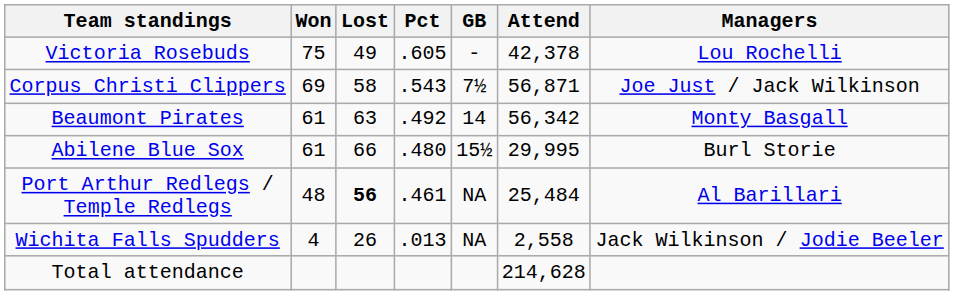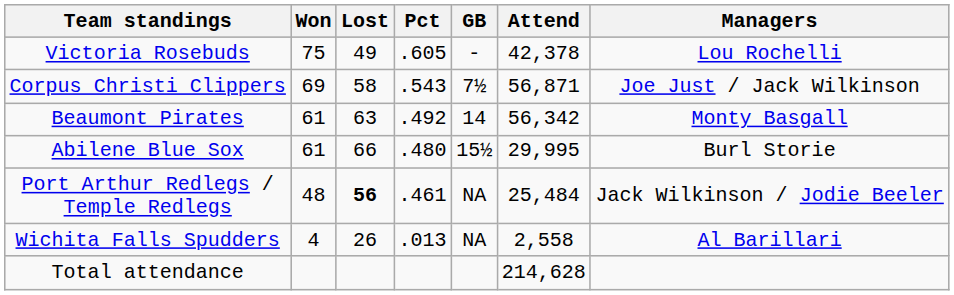 <table class="wikitable" style="text-align:center">
 <tr>
 <th>Team standings</th>
 <th>Won</th>
 <th>Lost</th>
 <th>Pct</th>
 <th>GB</th>
 <th>Attend</th>
 <th>Managers</th>
 </tr>
 <tr>
 <td><a href='#'>Victoria Rosebuds</a></td>
 <td>75</td>
 <td>49</td>
 <td>.605</td>
 <td>-</td>
 <td>42,378</td>
 <td><a href='#'>Lou Rochelli</a></td>
 </tr>
 <tr>
 <td><a href='#'>Corpus Christi Clippers</a></td>
 <td>69</td>
 <td>58</td>
 <td>.543</td>
 <td>7½</td>
 <td>56,871</td>
 <td><a href='#'>Joe Just</a> / Jack Wilkinson</td>
 </tr>
 <tr>
 <td><a href='#'>Beaumont Pirates</a></td>
 <td>61</td>
 <td>63</td>
 <td>.492</td>
 <td>14</td>
 <td>56,342</td>
 <td><a href='#'>Monty Basgall</a></td>
 </tr>
 <tr>
 <td><a href='#'>Abilene Blue Sox</a></td>
 <td>61</td>
 <td>66</td>
 <td>.480</td>
 <td>15½</td>
 <td>29,995</td>
 <td>Burl Storie</td>
 </tr>
 <tr>
 <td><a href='#'>Port Arthur Redlegs</a> /<br><a href='#'>Temple Redlegs</a></td>
 <td>48</td>
 <td><strong>56</strong></td>
 <td>.461</td>
 <td>NA</td>
 <td>25,484</td>
-<td><a href='#'>Al Barillari</a></td>
+<td>Jack Wilkinson / <a href='#'>Jodie Beeler</a></td>
 </tr>
 <tr>
 <td><a href='#'>Wichita Falls Spudders</a></td>
 <td>4</td>
 <td>26</td>
 <td>.013</td>
 <td>NA</td>
 <td>2,558</td>
-<td>Jack Wilkinson / <a href='#'>Jodie Beeler</a></td>
+<td><a href='#'>Al Barillari</a></td>
 </tr>
 <tr>
 <td>Total attendance</td>
 <td></td>
 <td></td>
 <td></td>
 <td></td>
 <td>214,628</td>
 </tr>
 </table>
